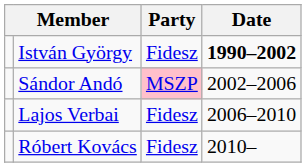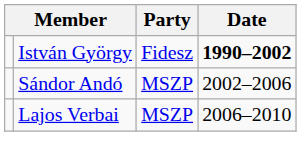 <table class=wikitable>
 <tr>
 <th colspan=2>Member</th>
 <th>Party</th>
 <th>Date</th>
 </tr>
 <tr>
 <td style="background-color:"></td>
 <td><a href='#'>István György</a></td>
 <td><a href='#'>Fidesz</a></td>
 <td><strong>1990–2002</strong></td>
 </tr>
 <tr>
 <td style="background-color:"></td>
 <td><a href='#'>Sándor Andó</a></td>
-<td style="background: pink;"><a href='#'>MSZP</a></td>
+<td><a href='#'>MSZP</a></td>
 <td>2002–2006</td>
 </tr>
 <tr>
 <td style="background-color:"></td>
 <td><a href='#'>Lajos Verbai</a></td>
-<td><a href='#'>Fidesz</a></td>
+<td><a href='#'>MSZP</a></td>
 <td>2006–2010</td>
 </tr>
-<tr>
-<td style="background-color:"></td>
-<td><a href='#'>Róbert Kovács</a></td>
-<td><a href='#'>Fidesz</a></td>
-<td>2010–</td>
-</tr>
 </table>
